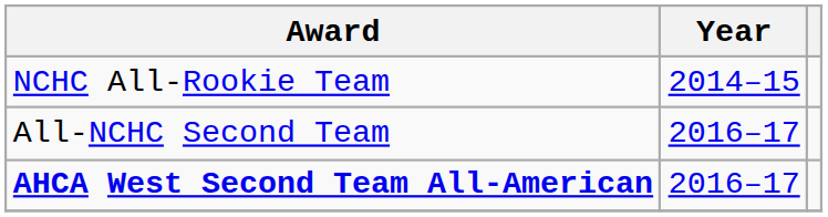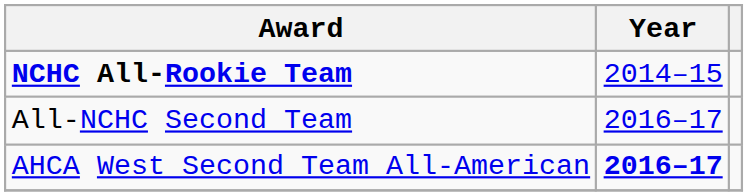 <table class="wikitable">
 <tr>
 <th>Award</th>
 <th>Year</th>
 <th></th>
 </tr>
 <tr>
-<td><a href='#'>NCHC</a> All-<a href='#'>Rookie Team</a></td>
+<td><strong><a href='#'>NCHC</a> All-<a href='#'>Rookie Team</a></strong></td>
 <td><a href='#'>2014–15</a></td>
 <td></td>
 </tr>
 <tr>
 <td>All-<a href='#'>NCHC</a> <a href='#'>Second Team</a></td>
 <td><a href='#'>2016–17</a></td>
 <td></td>
 </tr>
 <tr>
-<td><strong><a href='#'>AHCA</a> <a href='#'>West Second Team All-American</a></strong></td>
-<td><a href='#'>2016–17</a></td>
+<td><a href='#'>AHCA</a> <a href='#'>West Second Team All-American</a></td>
+<td><strong><a href='#'>2016–17</a></strong></td>
 <td></td>
 </tr>
 <tr>
 </tr>
 </table>
